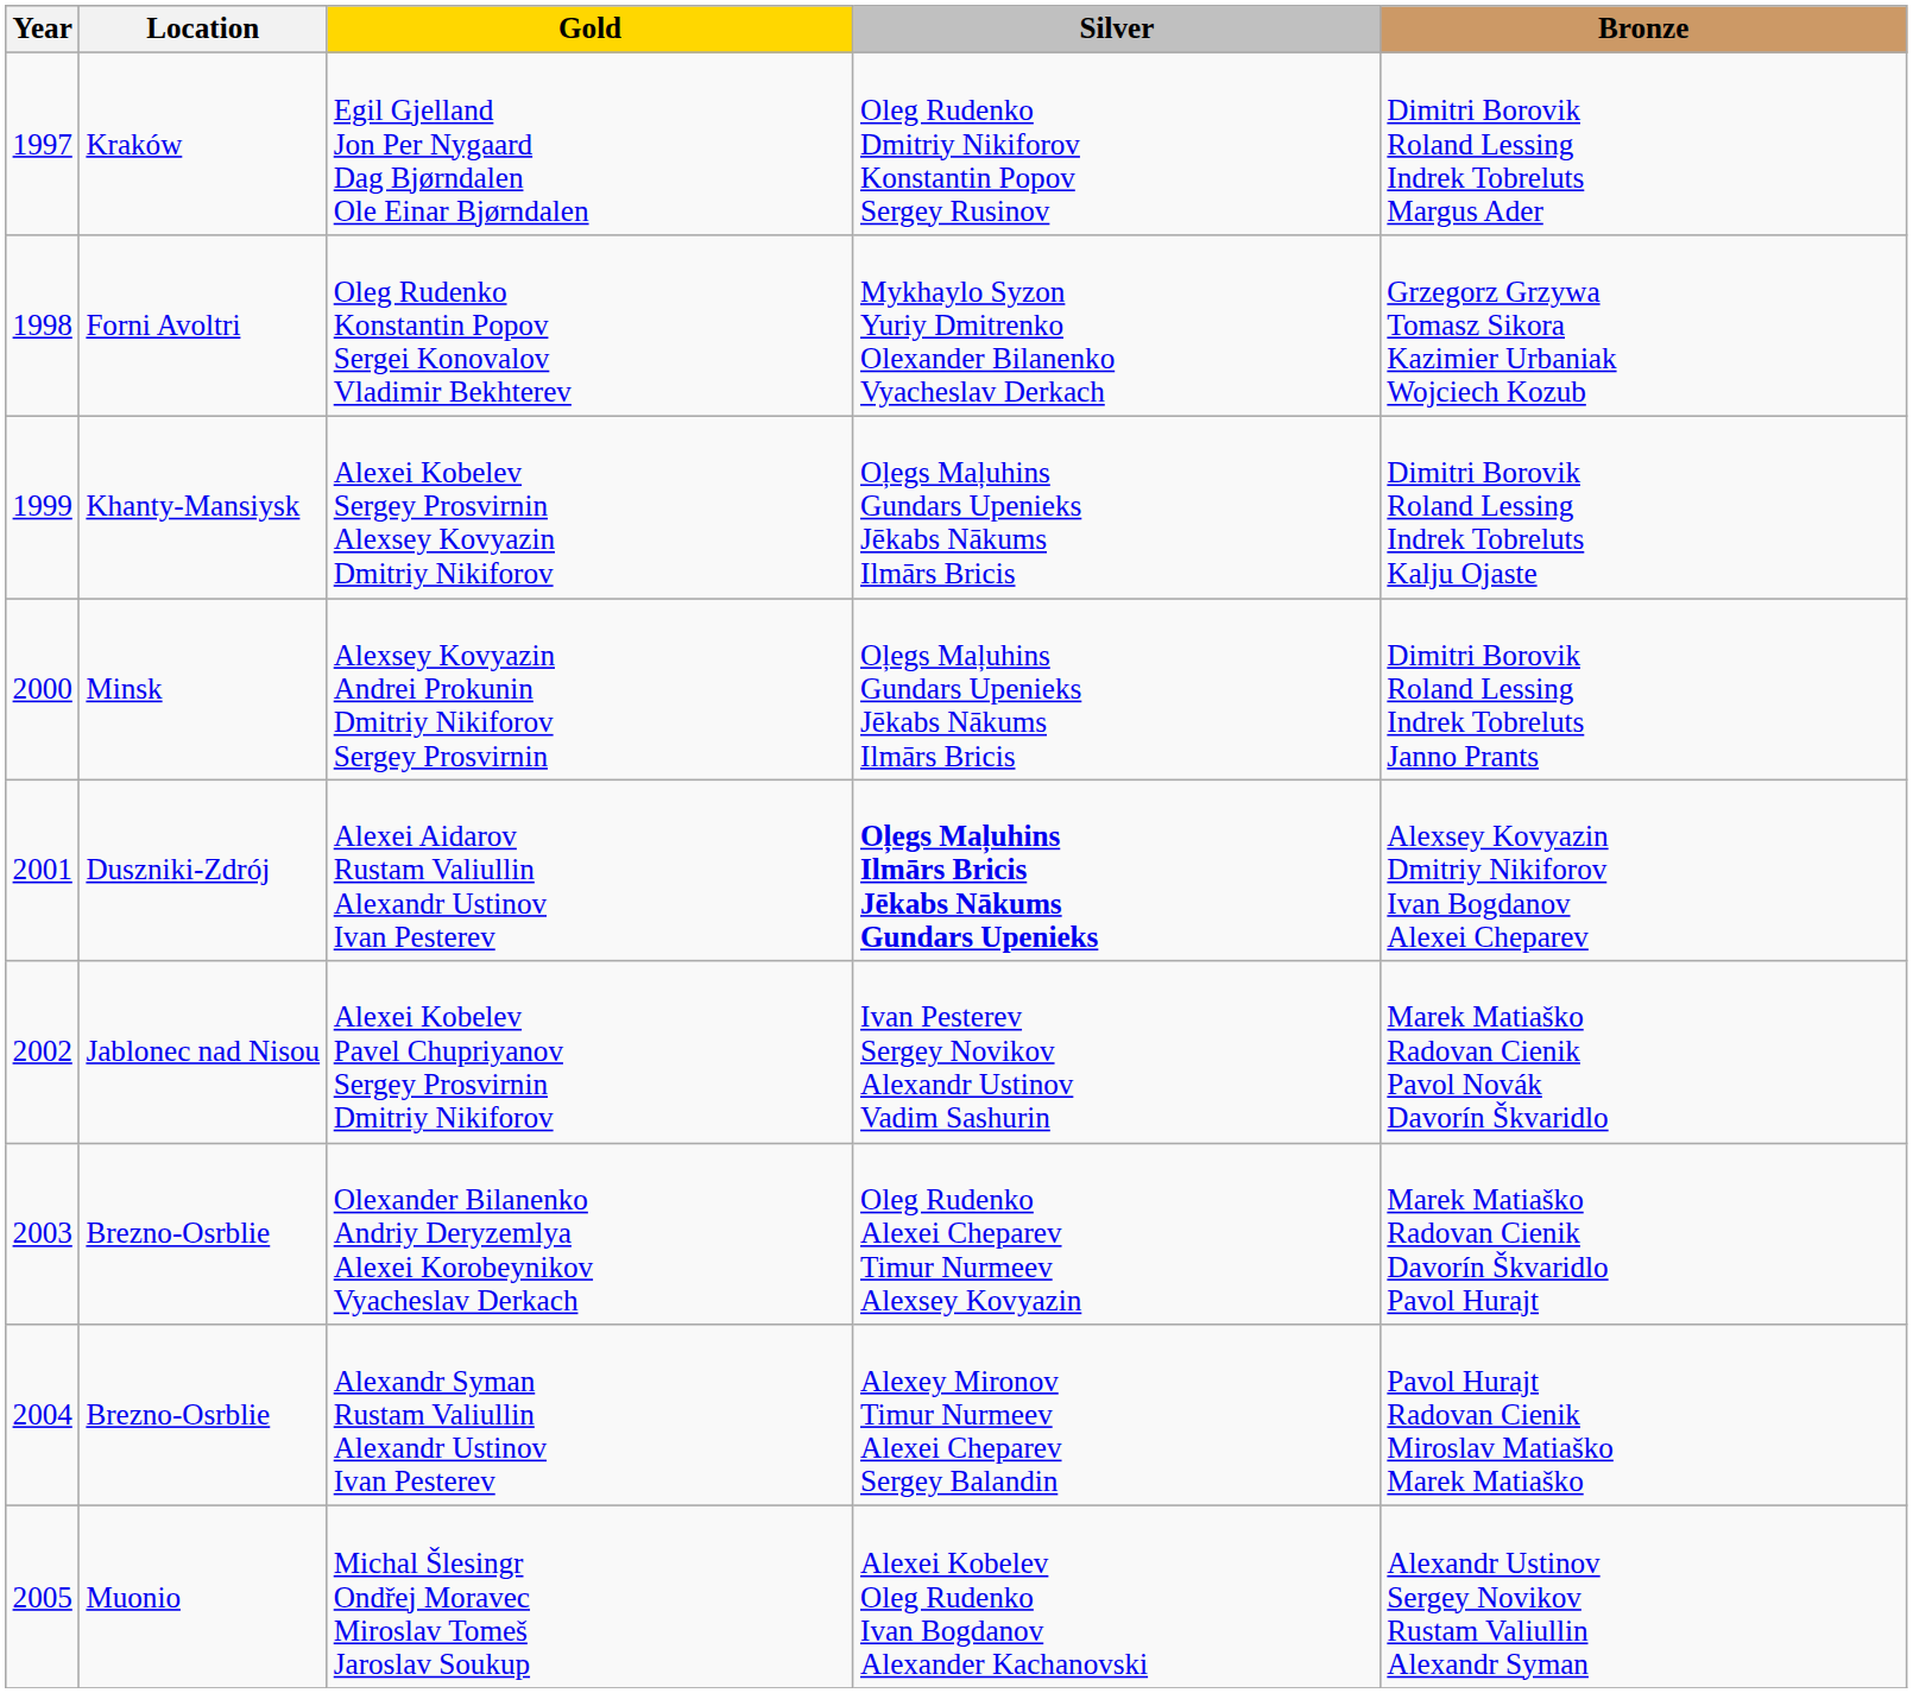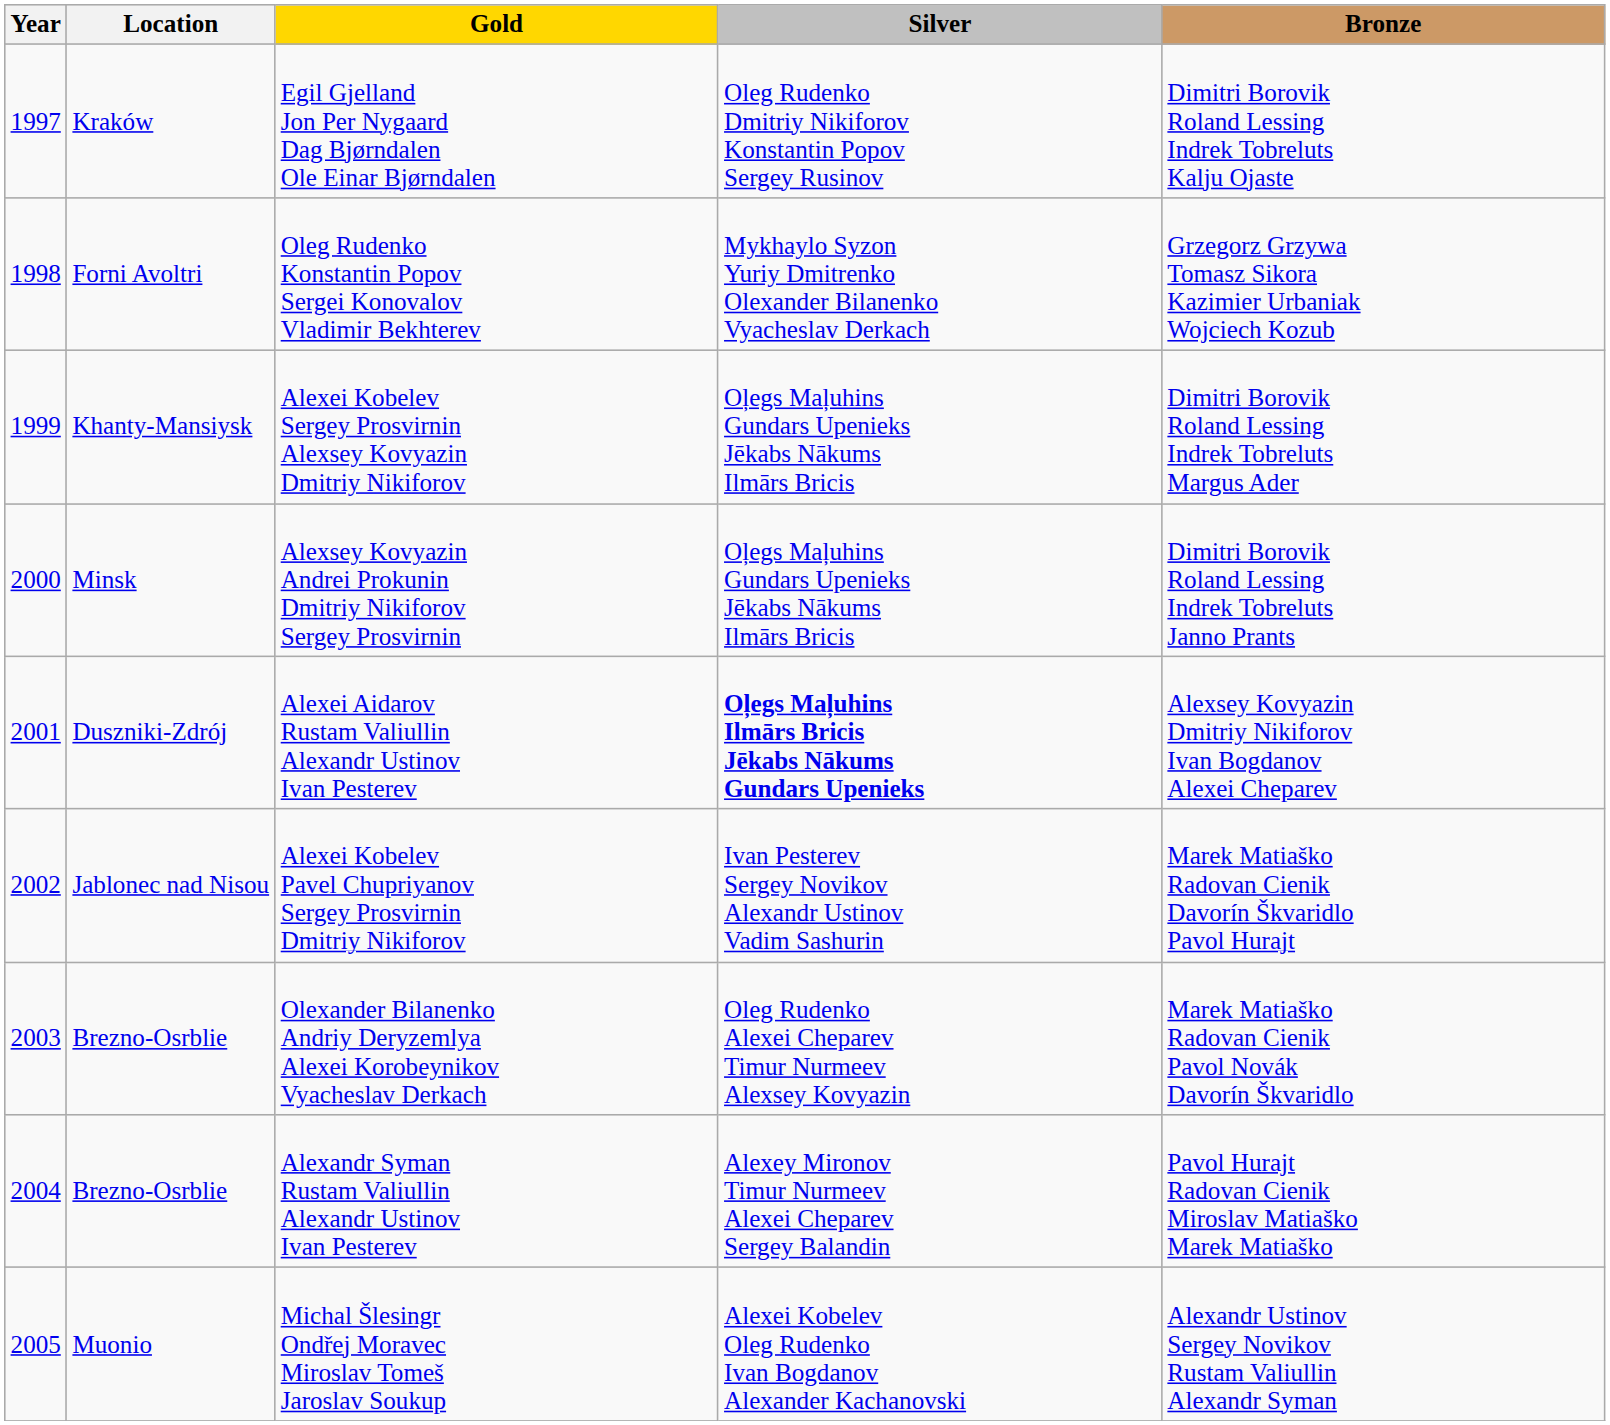 <table class="wikitable">
 <tr>
 <th>Year</th>
 <th>Location</th>
 <th style="background:gold" width="275">Gold</th>
 <th style="background:silver" width="275">Silver</th>
 <th style="background:#cc9966" width="275">Bronze</th>
 </tr>
 <tr>
 <td><a href='#'>1997</a></td>
 <td> <a href='#'>Kraków</a></td>
 <td><br><a href='#'>Egil Gjelland</a><br><a href='#'>Jon Per Nygaard</a><br><a href='#'>Dag Bjørndalen</a><br><a href='#'>Ole Einar Bjørndalen</a></td>
 <td><br><a href='#'>Oleg Rudenko</a><br><a href='#'>Dmitriy Nikiforov</a><br><a href='#'>Konstantin Popov</a><br><a href='#'>Sergey Rusinov</a></td>
-<td><br><a href='#'>Dimitri Borovik</a><br><a href='#'>Roland Lessing</a><br><a href='#'>Indrek Tobreluts</a><br><a href='#'>Margus Ader</a></td>
+<td><br><a href='#'>Dimitri Borovik</a><br><a href='#'>Roland Lessing</a><br><a href='#'>Indrek Tobreluts</a><br><a href='#'>Kalju Ojaste</a></td>
 </tr>
 <tr>
 <td><a href='#'>1998</a></td>
 <td> <a href='#'>Forni Avoltri</a></td>
 <td><br><a href='#'>Oleg Rudenko</a><br><a href='#'>Konstantin Popov</a><br><a href='#'>Sergei Konovalov</a><br><a href='#'>Vladimir Bekhterev</a></td>
 <td><br><a href='#'>Mykhaylo Syzon</a><br><a href='#'>Yuriy Dmitrenko</a><br><a href='#'>Olexander Bilanenko</a><br><a href='#'>Vyacheslav Derkach</a></td>
 <td><br><a href='#'>Grzegorz Grzywa</a><br><a href='#'>Tomasz Sikora</a><br><a href='#'>Kazimier Urbaniak</a><br><a href='#'>Wojciech Kozub</a></td>
 </tr>
 <tr>
 <td><a href='#'>1999</a></td>
 <td> <a href='#'>Khanty-Mansiysk</a></td>
 <td><br><a href='#'>Alexei Kobelev</a><br><a href='#'>Sergey Prosvirnin</a><br><a href='#'>Alexsey Kovyazin</a><br><a href='#'>Dmitriy Nikiforov</a></td>
 <td><br><a href='#'>Oļegs Maļuhins</a><br><a href='#'>Gundars Upenieks</a><br><a href='#'>Jēkabs Nākums</a><br><a href='#'>Ilmārs Bricis</a></td>
-<td><br><a href='#'>Dimitri Borovik</a><br><a href='#'>Roland Lessing</a><br><a href='#'>Indrek Tobreluts</a><br><a href='#'>Kalju Ojaste</a></td>
+<td><br><a href='#'>Dimitri Borovik</a><br><a href='#'>Roland Lessing</a><br><a href='#'>Indrek Tobreluts</a><br><a href='#'>Margus Ader</a></td>
 </tr>
 <tr>
 <td><a href='#'>2000</a></td>
 <td> <a href='#'>Minsk</a></td>
 <td><br><a href='#'>Alexsey Kovyazin</a><br><a href='#'>Andrei Prokunin</a><br><a href='#'>Dmitriy Nikiforov</a><br><a href='#'>Sergey Prosvirnin</a></td>
 <td><br><a href='#'>Oļegs Maļuhins</a><br><a href='#'>Gundars Upenieks</a><br><a href='#'>Jēkabs Nākums</a><br><a href='#'>Ilmārs Bricis</a></td>
 <td><br><a href='#'>Dimitri Borovik</a><br><a href='#'>Roland Lessing</a><br><a href='#'>Indrek Tobreluts</a><br><a href='#'>Janno Prants</a></td>
 </tr>
 <tr>
 <td><a href='#'>2001</a></td>
 <td> <a href='#'>Duszniki-Zdrój</a></td>
 <td><br><a href='#'>Alexei Aidarov</a><br><a href='#'>Rustam Valiullin</a><br><a href='#'>Alexandr Ustinov</a><br><a href='#'>Ivan Pesterev</a></td>
 <td><strong><br><a href='#'>Oļegs Maļuhins</a><br><a href='#'>Ilmārs Bricis</a><br><a href='#'>Jēkabs Nākums</a><br><a href='#'>Gundars Upenieks</a></strong></td>
 <td><br><a href='#'>Alexsey Kovyazin</a><br><a href='#'>Dmitriy Nikiforov</a><br><a href='#'>Ivan Bogdanov</a><br><a href='#'>Alexei Cheparev</a></td>
 </tr>
 <tr>
 <td><a href='#'>2002</a></td>
 <td> <a href='#'>Jablonec nad Nisou</a></td>
 <td><br><a href='#'>Alexei Kobelev</a><br><a href='#'>Pavel Chupriyanov</a><br><a href='#'>Sergey Prosvirnin</a><br><a href='#'>Dmitriy Nikiforov</a></td>
 <td><br><a href='#'>Ivan Pesterev</a><br><a href='#'>Sergey Novikov</a><br><a href='#'>Alexandr Ustinov</a><br><a href='#'>Vadim Sashurin</a></td>
-<td><br><a href='#'>Marek Matiaško</a><br><a href='#'>Radovan Cienik</a><br><a href='#'>Pavol Novák</a><br><a href='#'>Davorín Škvaridlo</a></td>
+<td><br><a href='#'>Marek Matiaško</a><br><a href='#'>Radovan Cienik</a><br><a href='#'>Davorín Škvaridlo</a><br><a href='#'>Pavol Hurajt</a></td>
 </tr>
 <tr>
 <td><a href='#'>2003</a></td>
 <td> <a href='#'>Brezno-Osrblie</a></td>
 <td><br><a href='#'>Olexander Bilanenko</a><br><a href='#'>Andriy Deryzemlya</a><br><a href='#'>Alexei Korobeynikov</a><br><a href='#'>Vyacheslav Derkach</a></td>
 <td><br><a href='#'>Oleg Rudenko</a><br><a href='#'>Alexei Cheparev</a><br><a href='#'>Timur Nurmeev</a><br><a href='#'>Alexsey Kovyazin</a></td>
-<td><br><a href='#'>Marek Matiaško</a><br><a href='#'>Radovan Cienik</a><br><a href='#'>Davorín Škvaridlo</a><br><a href='#'>Pavol Hurajt</a></td>
+<td><br><a href='#'>Marek Matiaško</a><br><a href='#'>Radovan Cienik</a><br><a href='#'>Pavol Novák</a><br><a href='#'>Davorín Škvaridlo</a></td>
 </tr>
 <tr>
 <td><a href='#'>2004</a></td>
 <td> <a href='#'>Brezno-Osrblie</a></td>
 <td><br><a href='#'>Alexandr Syman</a><br><a href='#'>Rustam Valiullin</a><br><a href='#'>Alexandr Ustinov</a><br><a href='#'>Ivan Pesterev</a></td>
 <td><br><a href='#'>Alexey Mironov</a><br><a href='#'>Timur Nurmeev</a><br><a href='#'>Alexei Cheparev</a><br><a href='#'>Sergey Balandin</a></td>
 <td><br><a href='#'>Pavol Hurajt</a><br><a href='#'>Radovan Cienik</a><br><a href='#'>Miroslav Matiaško</a><br><a href='#'>Marek Matiaško</a></td>
 </tr>
 <tr>
 <td><a href='#'>2005</a></td>
 <td> <a href='#'>Muonio</a></td>
 <td><br><a href='#'>Michal Šlesingr</a><br><a href='#'>Ondřej Moravec</a><br><a href='#'>Miroslav Tomeš</a><br><a href='#'>Jaroslav Soukup</a></td>
 <td><br><a href='#'>Alexei Kobelev</a><br><a href='#'>Oleg Rudenko</a><br><a href='#'>Ivan Bogdanov</a><br><a href='#'>Alexander Kachanovski</a></td>
 <td><br><a href='#'>Alexandr Ustinov</a><br><a href='#'>Sergey Novikov</a><br><a href='#'>Rustam Valiullin</a><br><a href='#'>Alexandr Syman</a></td>
 </tr>
 </table>
